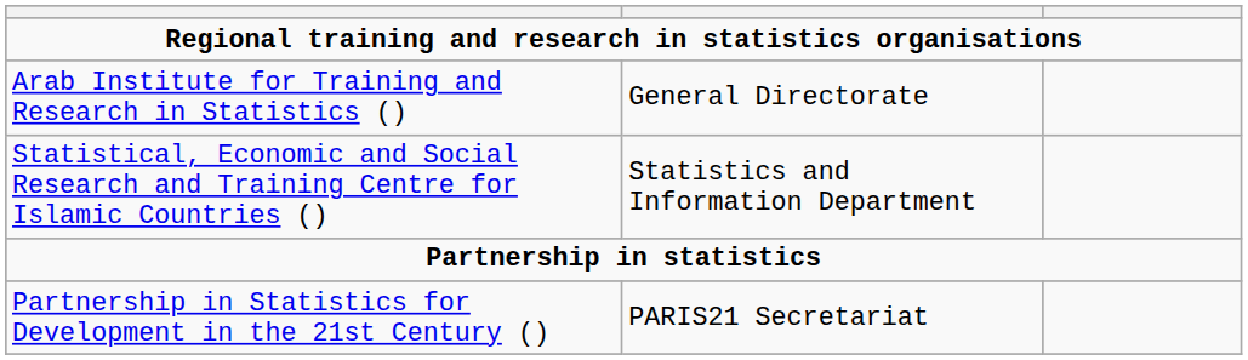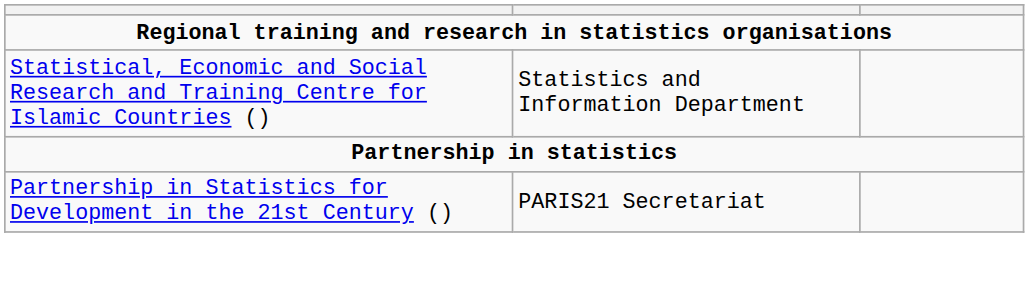 <table class="wikitable">
 <tr>
 <th width=650></th>
 <th width=400></th>
 <th width=250></th>
 </tr>
 <tr>
 <td colspan="3" style="text-align:center;"><strong>Regional training and research in statistics organisations</strong></td>
-</tr>
-<tr>
-<td><a href='#'>Arab Institute for Training and Research in Statistics</a> ()</td>
-<td>General Directorate</td>
-<td></td>
 </tr>
 <tr>
 <td><a href='#'>Statistical, Economic and Social Research and Training Centre for Islamic Countries</a> ()</td>
 <td>Statistics and Information Department</td>
 <td></td>
 </tr>
 <tr>
 <td colspan="3" style="text-align:center;"><strong>Partnership in statistics</strong></td>
 </tr>
 <tr>
 <td><a href='#'>Partnership in Statistics for Development in the 21st Century</a> ()</td>
 <td>PARIS21 Secretariat</td>
 <td></td>
 </tr>
 </table>
